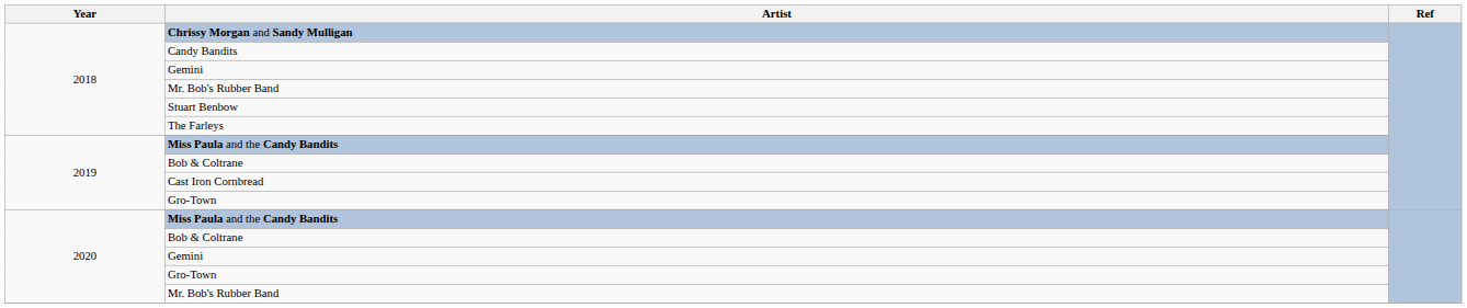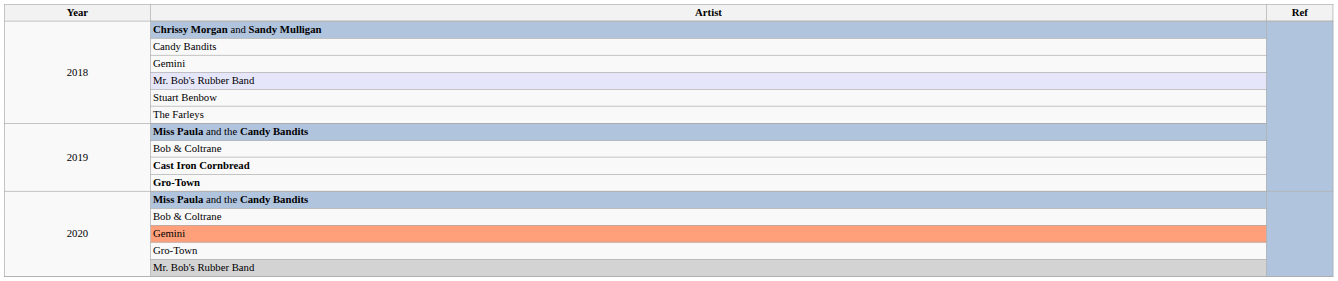 <table class="wikitable" style="width:100%;">
 <tr>
 <th style="width:11%;">Year</th>
 <th style="width:84%;">Artist</th>
 <th style="width:5%;">Ref</th>
 </tr>
 <tr>
 <td rowspan="7" align="center">2018</td>
 </tr>
 <tr style="background:#B0C4DE">
 <td><strong>Chrissy Morgan</strong> and <strong>Sandy Mulligan</strong></td>
 <td rowspan="12" align="center"></td>
 </tr>
 <tr>
 <td>Candy Bandits</td>
 </tr>
 <tr>
 <td>Gemini</td>
 </tr>
 <tr>
-<td>Mr. Bob's Rubber Band</td>
+<td style="background: lavender;">Mr. Bob's Rubber Band</td>
 </tr>
 <tr>
 <td>Stuart Benbow</td>
 </tr>
 <tr>
 <td>The Farleys</td>
 </tr>
 <tr>
 <td rowspan="5" align="center">2019</td>
 </tr>
 <tr style="background:#B0C4DE">
 <td><strong>Miss Paula</strong> and the <strong>Candy Bandits</strong></td>
 </tr>
 <tr>
 <td>Bob & Coltrane</td>
 </tr>
 <tr>
-<td>Cast Iron Cornbread</td>
+<td><strong>Cast Iron Cornbread</strong></td>
 </tr>
 <tr>
-<td>Gro-Town</td>
+<td><strong>Gro-Town</strong></td>
 </tr>
 <tr>
 <td rowspan="6" align="center">2020</td>
 </tr>
 <tr style="background:#B0C4DE">
 <td><strong>Miss Paula</strong> and the <strong>Candy Bandits</strong></td>
 <td rowspan="5" align="center"></td>
 </tr>
 <tr>
 <td>Bob & Coltrane</td>
 </tr>
 <tr>
-<td>Gemini</td>
+<td style="background: lightsalmon;">Gemini</td>
 </tr>
 <tr>
 <td>Gro-Town</td>
 </tr>
 <tr>
-<td>Mr. Bob's Rubber Band</td>
+<td style="background: lightgrey;">Mr. Bob's Rubber Band</td>
 </tr>
 <tr>
 </tr>
 </table>
